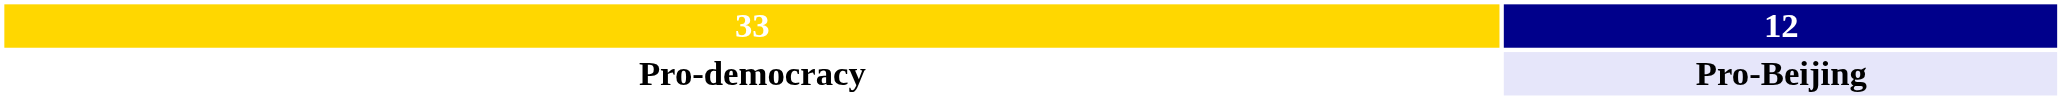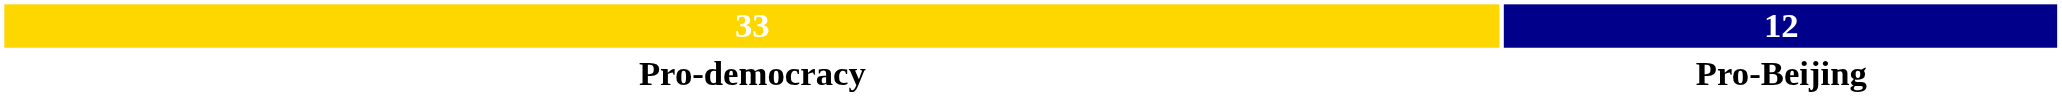 <table style="width:60%; text-align:center;">
 <tr style="color:white;">
 <td style="background:gold; width:73%;"><strong>33</strong></td>
 <td style="background:darkblue; width:27%;"><strong>12</strong></td>
 </tr>
 <tr>
 <td><span><strong>Pro-democracy</strong></span></td>
-<td style="background: lavender;"><span><strong>Pro-Beijing</strong></span></td>
+<td><span><strong>Pro-Beijing</strong></span></td>
 </tr>
 </table>
